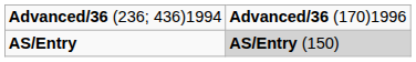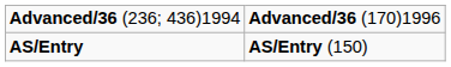 <table class="wikitable" style="text-align: ">
 <tr>
 <td><strong>Advanced/36</strong> (236; 436)1994</td>
 <td><strong>Advanced/36</strong> (170)1996</td>
 </tr>
 <tr>
 <td><strong>AS/Entry</strong></td>
-<td style="background: lightgrey;"><strong>AS/Entry</strong> (150)</td>
+<td><strong>AS/Entry</strong> (150)</td>
 </tr>
 </table>
